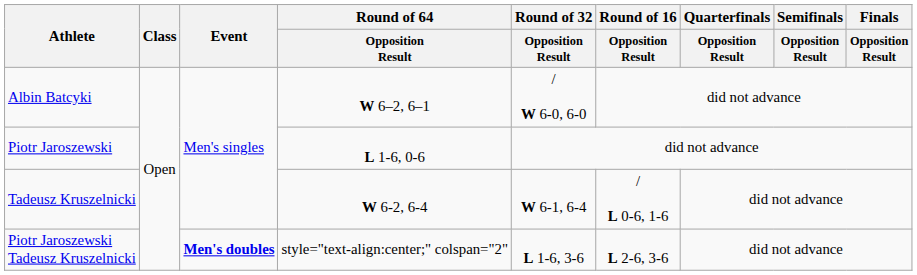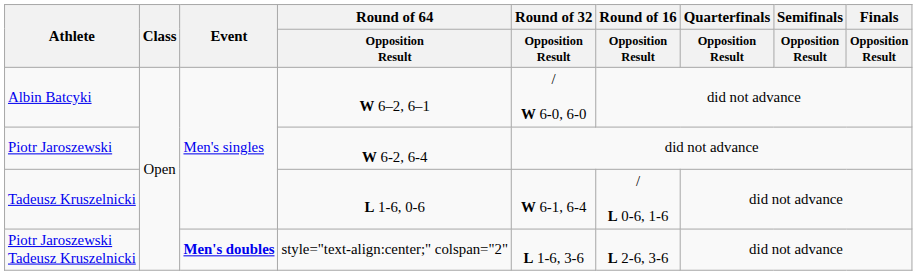 <table class=wikitable style="font-size:90%">
 <tr>
 <th rowspan="2">Athlete</th>
 <th rowspan="2">Class</th>
 <th rowspan="2">Event</th>
 <th>Round of 64</th>
 <th>Round of 32</th>
 <th>Round of 16</th>
 <th>Quarterfinals</th>
 <th>Semifinals</th>
 <th>Finals</th>
 </tr>
 <tr>
 <th style="line-height:1em"><small>Opposition<br>Result</small></th>
 <th style="line-height:1em"><small>Opposition<br>Result</small></th>
 <th style="line-height:1em"><small>Opposition<br>Result</small></th>
 <th style="line-height:1em"><small>Opposition<br>Result</small></th>
 <th style="line-height:1em"><small>Opposition<br>Result</small></th>
 <th style="line-height:1em"><small>Opposition<br>Result</small></th>
 </tr>
 <tr>
 <td><a href='#'>Albin Batcyki</a></td>
 <td rowspan="4" style="text-align:center;">Open</td>
 <td rowspan="3"><a href='#'>Men's singles</a></td>
 <td style="text-align:center;"><br><strong>W</strong> 6–2, 6–1</td>
 <td style="text-align:center;"> /<br> <br><strong>W</strong> 6-0, 6-0</td>
 <td style="text-align:center;" colspan="4">did not advance</td>
 </tr>
 <tr>
 <td><a href='#'>Piotr Jaroszewski</a></td>
-<td style="text-align:center;"><br><strong>L</strong> 1-6, 0-6</td>
+<td style="text-align:center;"><br><strong>W</strong> 6-2, 6-4</td>
 <td style="text-align:center;" colspan="5">did not advance</td>
 </tr>
 <tr>
 <td><a href='#'>Tadeusz Kruszelnicki</a></td>
-<td style="text-align:center;"><br><strong>W</strong> 6-2, 6-4</td>
+<td style="text-align:center;"><br><strong>L</strong> 1-6, 0-6</td>
 <td style="text-align:center;"><br><strong>W</strong> 6-1, 6-4</td>
 <td style="text-align:center;"> /<br> <br><strong>L</strong> 0-6, 1-6</td>
 <td style="text-align:center;" colspan="3">did not advance</td>
 </tr>
 <tr>
 <td><a href='#'>Piotr Jaroszewski</a><br> <a href='#'>Tadeusz Kruszelnicki</a></td>
 <td><strong><a href='#'>Men's doubles</a></strong></td>
 <td>style="text-align:center;" colspan="2" </td>
 <td style="text-align:center;"><br><strong>L</strong> 1-6, 3-6</td>
 <td style="text-align:center;"><br><strong>L</strong> 2-6, 3-6</td>
 <td style="text-align:center;" colspan="3">did not advance</td>
 </tr>
 </table>
